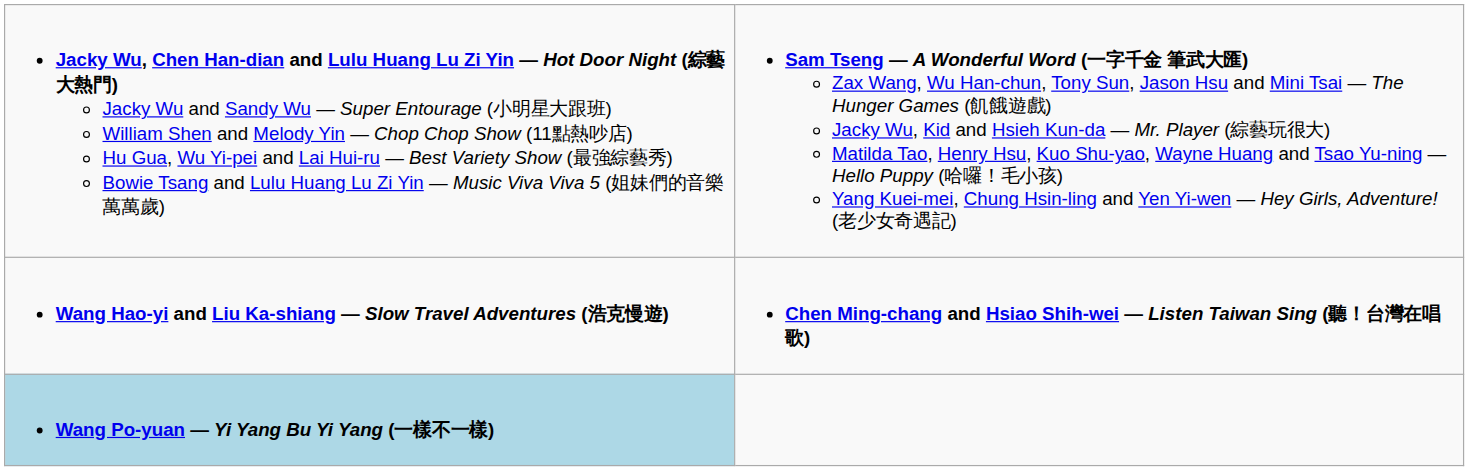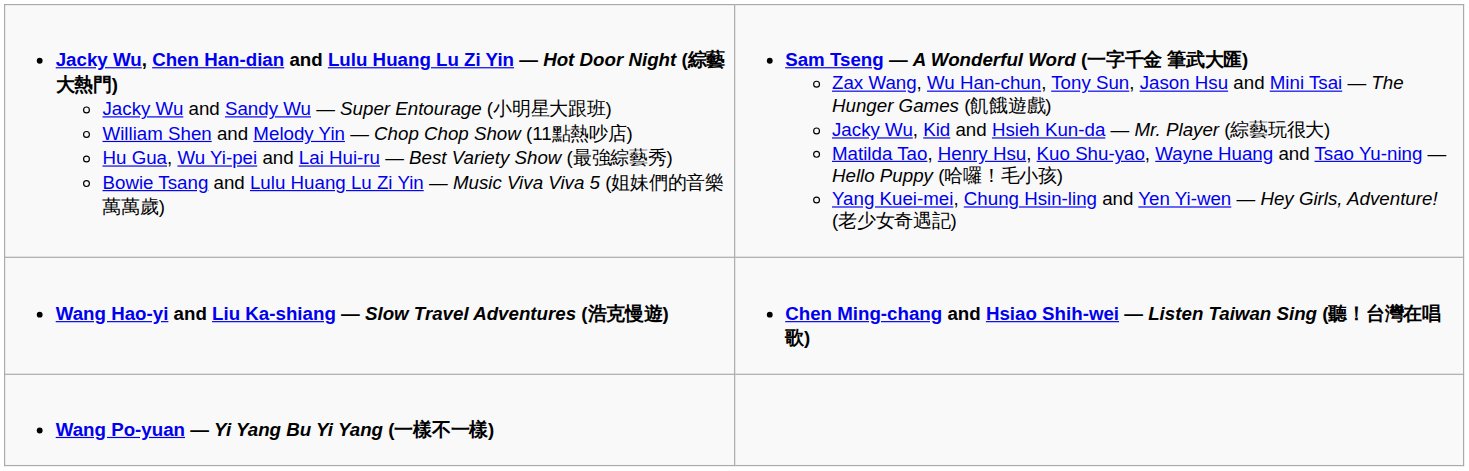 <table class=wikitable>
 <tr>
 <td style="vertical-align:top;" width="50%"><br><ul><li><strong><a href='#'>Jacky Wu</a>, <a href='#'>Chen Han-dian</a> and <a href='#'>Lulu Huang Lu Zi Yin</a> — <em>Hot Door Night</em> (綜藝大熱門)</strong><ul><li><a href='#'>Jacky Wu</a> and <a href='#'>Sandy Wu</a> — <em>Super Entourage</em> (小明星大跟班)</li><li><a href='#'>William Shen</a> and <a href='#'>Melody Yin</a> — <em>Chop Chop Show</em> (11點熱吵店)</li><li><a href='#'>Hu Gua</a>, <a href='#'>Wu Yi-pei</a> and <a href='#'>Lai Hui-ru</a> — <em>Best Variety Show</em> (最強綜藝秀)</li><li><a href='#'>Bowie Tsang</a> and <a href='#'>Lulu Huang Lu Zi Yin</a> — <em>Music Viva Viva 5</em> (姐妹們的音樂萬萬歲)</li></ul></li></ul></td>
 <td style="vertical-align:top;" width="50%"><br><ul><li><strong><a href='#'>Sam Tseng</a> — <em>A Wonderful Word</em> (一字千金 筆武大匯)</strong><ul><li><a href='#'>Zax Wang</a>, <a href='#'>Wu Han-chun</a>, <a href='#'>Tony Sun</a>, <a href='#'>Jason Hsu</a> and <a href='#'>Mini Tsai</a> — <em>The Hunger Games</em> (飢餓遊戲)</li><li><a href='#'>Jacky Wu</a>, <a href='#'>Kid</a> and <a href='#'>Hsieh Kun-da</a> — <em>Mr. Player</em> (綜藝玩很大)</li><li><a href='#'>Matilda Tao</a>, <a href='#'>Henry Hsu</a>, <a href='#'>Kuo Shu-yao</a>, <a href='#'>Wayne Huang</a> and <a href='#'>Tsao Yu-ning</a> — <em>Hello Puppy</em> (哈囉！毛小孩)</li><li><a href='#'>Yang Kuei-mei</a>, <a href='#'>Chung Hsin-ling</a> and <a href='#'>Yen Yi-wen</a> — <em>Hey Girls, Adventure!</em> (老少女奇遇記)</li></ul></li></ul></td>
 </tr>
 <tr>
 <td style="vertical-align:top;" width="50%"><br><ul><li><strong><a href='#'>Wang Hao-yi</a> and <a href='#'>Liu Ka-shiang</a> — <em>Slow Travel Adventures</em> (浩克慢遊)</strong></li></ul></td>
 <td style="vertical-align:top;" width="50%"><br><ul><li><strong><a href='#'>Chen Ming-chang</a> and <a href='#'>Hsiao Shih-wei</a> — <em>Listen Taiwan Sing</em> (聽！台灣在唱歌)</strong></li></ul></td>
 </tr>
 <tr>
-<td style="background: lightblue; vertical-align:top;" width="50%"><br><ul><li><strong><a href='#'>Wang Po-yuan</a> — <em>Yi Yang Bu Yi Yang</em> (一樣不一樣)</strong></li></ul></td>
+<td style="vertical-align:top;" width="50%"><br><ul><li><strong><a href='#'>Wang Po-yuan</a> — <em>Yi Yang Bu Yi Yang</em> (一樣不一樣)</strong></li></ul></td>
 </tr>
 </table>
